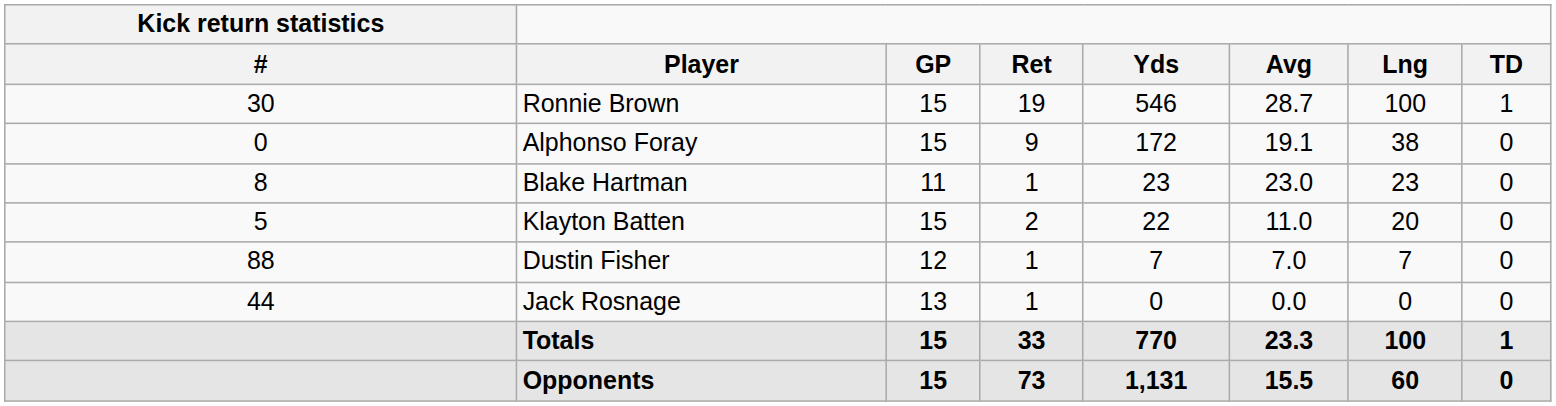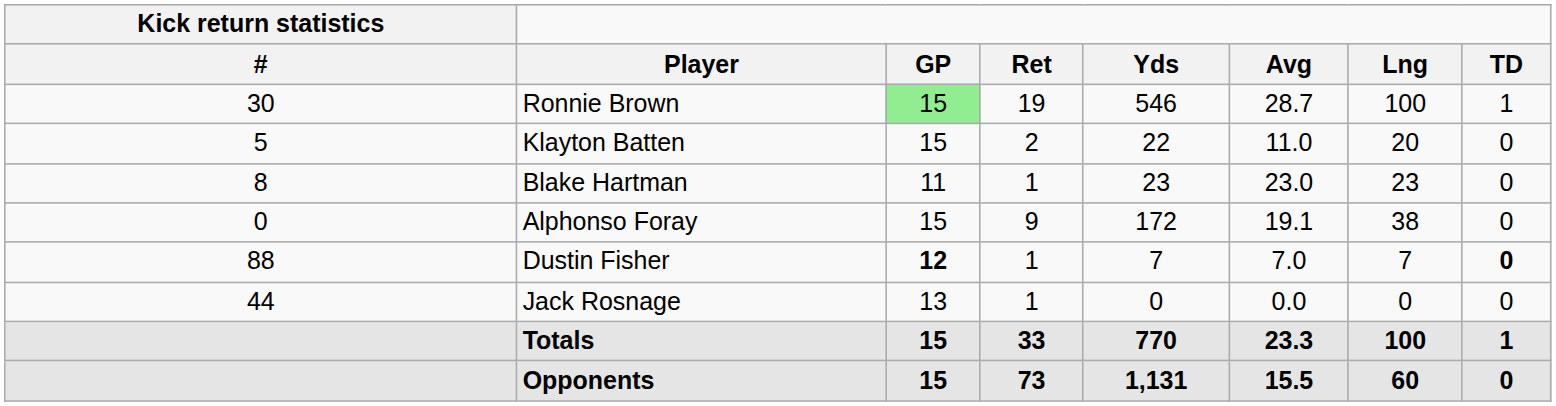 <table style="text-align:center; width:50%;" class="wikitable collapsible collapsed">
 <tr>
 <th style="text-align:center; ">Kick return statistics</th>
 </tr>
 <tr>
 <th>#</th>
 <th>Player</th>
 <th>GP</th>
 <th>Ret</th>
 <th>Yds</th>
 <th>Avg</th>
 <th>Lng</th>
 <th>TD</th>
 </tr>
 <tr>
 <td>30</td>
 <td align="left">Ronnie Brown</td>
-<td>15</td>
+<td style="background: lightgreen;">15</td>
 <td>19</td>
 <td>546</td>
 <td>28.7</td>
 <td>100</td>
 <td>1</td>
 </tr>
 <tr>
-<td>0</td>
-<td align="left">Alphonso Foray</td>
+<td>5</td>
+<td align="left">Klayton Batten</td>
 <td>15</td>
-<td>9</td>
-<td>172</td>
-<td>19.1</td>
-<td>38</td>
+<td>2</td>
+<td>22</td>
+<td>11.0</td>
+<td>20</td>
 <td>0</td>
 </tr>
 <tr>
 <td>8</td>
 <td align="left">Blake Hartman</td>
 <td>11</td>
 <td>1</td>
 <td>23</td>
 <td>23.0</td>
 <td>23</td>
 <td>0</td>
 </tr>
 <tr>
-<td>5</td>
-<td align="left">Klayton Batten</td>
+<td>0</td>
+<td align="left">Alphonso Foray</td>
 <td>15</td>
-<td>2</td>
-<td>22</td>
-<td>11.0</td>
-<td>20</td>
+<td>9</td>
+<td>172</td>
+<td>19.1</td>
+<td>38</td>
 <td>0</td>
 </tr>
 <tr>
 <td>88</td>
 <td align="left">Dustin Fisher</td>
-<td>12</td>
+<td><strong>12</strong></td>
 <td>1</td>
 <td>7</td>
 <td>7.0</td>
 <td>7</td>
-<td>0</td>
+<td><strong>0</strong></td>
 </tr>
 <tr>
 <td>44</td>
 <td align="left">Jack Rosnage</td>
 <td>13</td>
 <td>1</td>
 <td>0</td>
 <td>0.0</td>
 <td>0</td>
 <td>0</td>
 </tr>
 <tr style="background:#e5e5e5;">
 <td></td>
 <td align="left"><strong>Totals</strong></td>
 <td><strong>15</strong></td>
 <td><strong>33</strong></td>
 <td><strong>770</strong></td>
 <td><strong>23.3</strong></td>
 <td><strong>100</strong></td>
 <td><strong>1</strong></td>
 </tr>
 <tr style="background:#e5e5e5;">
 <td></td>
 <td align="left"><strong>Opponents</strong></td>
 <td><strong>15</strong></td>
 <td><strong>73</strong></td>
 <td><strong>1,131</strong></td>
 <td><strong>15.5</strong></td>
 <td><strong>60</strong></td>
 <td><strong>0</strong></td>
 </tr>
 </table>
